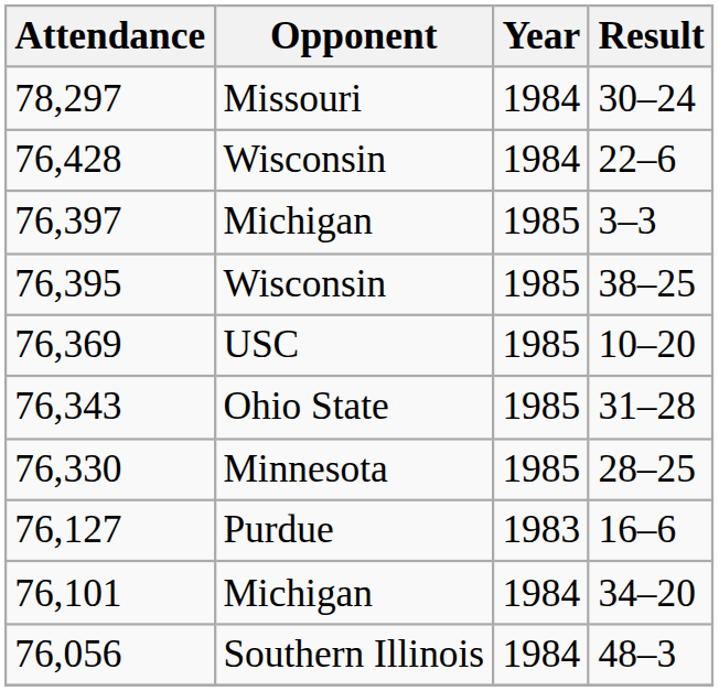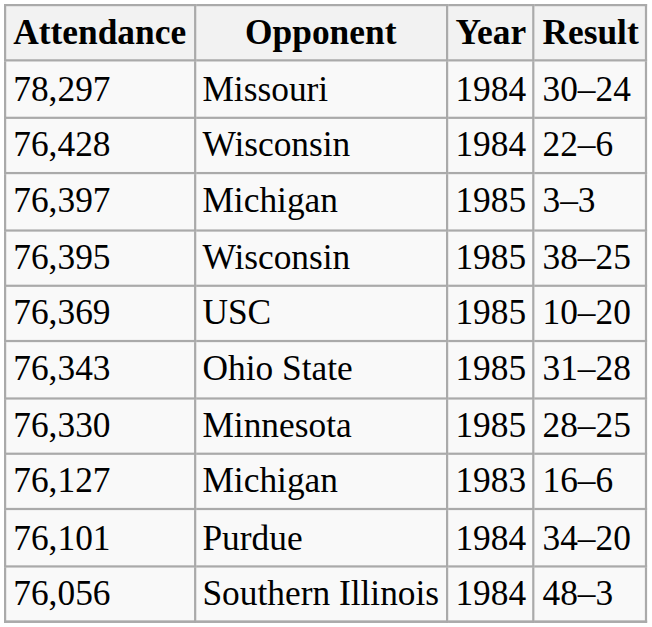 <table class="wikitable">
 <tr>
 <th>Attendance</th>
 <th>Opponent</th>
 <th>Year</th>
 <th>Result</th>
 </tr>
 <tr>
 <td>78,297</td>
 <td>Missouri</td>
 <td>1984</td>
 <td>30–24</td>
 </tr>
 <tr>
 <td>76,428</td>
 <td>Wisconsin</td>
 <td>1984</td>
 <td>22–6</td>
 </tr>
 <tr>
 <td>76,397</td>
 <td>Michigan</td>
 <td>1985</td>
 <td>3–3</td>
 </tr>
 <tr>
 <td>76,395</td>
 <td>Wisconsin</td>
 <td>1985</td>
 <td>38–25</td>
 </tr>
 <tr>
 <td>76,369</td>
 <td>USC</td>
 <td>1985</td>
 <td>10–20</td>
 </tr>
 <tr>
 <td>76,343</td>
 <td>Ohio State</td>
 <td>1985</td>
 <td>31–28</td>
 </tr>
 <tr>
 <td>76,330</td>
 <td>Minnesota</td>
 <td>1985</td>
 <td>28–25</td>
 </tr>
 <tr>
 <td>76,127</td>
-<td>Purdue</td>
+<td>Michigan</td>
 <td>1983</td>
 <td>16–6</td>
 </tr>
 <tr>
 <td>76,101</td>
-<td>Michigan</td>
+<td>Purdue</td>
 <td>1984</td>
 <td>34–20</td>
 </tr>
 <tr>
 <td>76,056</td>
 <td>Southern Illinois</td>
 <td>1984</td>
 <td>48–3</td>
 </tr>
 <tr>
 </tr>
 </table>
